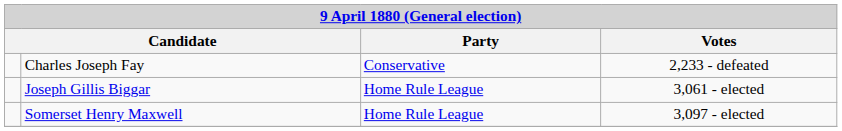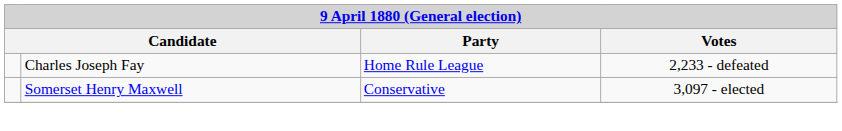 <table class="wikitable">
 <tr>
 <th style="background-color: #D3D3D3" center colspan="4"><strong><a href='#'>9 April 1880 (General election)</a></strong></th>
 </tr>
 <tr>
 <th width="15%" colspan="2">Candidate</th>
 <th width="10%">Party</th>
 <th width="10%">Votes</th>
 </tr>
 <tr>
 <td style="background-color: "></td>
 <td>Charles Joseph Fay</td>
-<td><a href='#'>Conservative</a></td>
+<td><a href='#'>Home Rule League</a></td>
 <td align=center>2,233 - defeated</td>
 </tr>
 <tr>
 <td style="background-color: "></td>
-<td><a href='#'>Joseph Gillis Biggar</a></td>
-<td><a href='#'>Home Rule League</a></td>
-<td align=center>3,061 - elected</td>
-</tr>
-<tr>
-<td style="background-color: "></td>
 <td><a href='#'>Somerset Henry Maxwell</a></td>
-<td><a href='#'>Home Rule League</a></td>
+<td><a href='#'>Conservative</a></td>
 <td align=center>3,097 - elected</td>
 </tr>
 <tr>
 </tr>
 </table>
